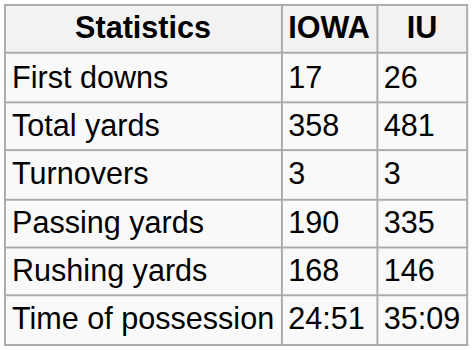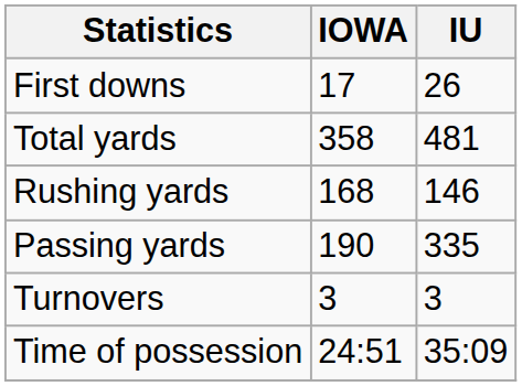 <table class="wikitable">
 <tr>
 <th>Statistics</th>
 <th>IOWA</th>
 <th>IU</th>
 </tr>
 <tr>
 <td>First downs</td>
 <td>17</td>
 <td>26</td>
 </tr>
 <tr>
 <td>Total yards</td>
 <td>358</td>
 <td>481</td>
 </tr>
 <tr>
-<td>Turnovers</td>
-<td>3</td>
-<td>3</td>
+<td>Rushing yards</td>
+<td>168</td>
+<td>146</td>
 </tr>
 <tr>
 <td>Passing yards</td>
 <td>190</td>
 <td>335</td>
 </tr>
 <tr>
-<td>Rushing yards</td>
-<td>168</td>
-<td>146</td>
+<td>Turnovers</td>
+<td>3</td>
+<td>3</td>
 </tr>
 <tr>
 <td>Time of possession</td>
 <td>24:51</td>
 <td>35:09</td>
 </tr>
 <tr>
 </tr>
 </table>
